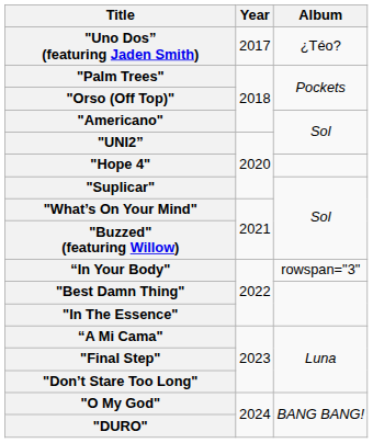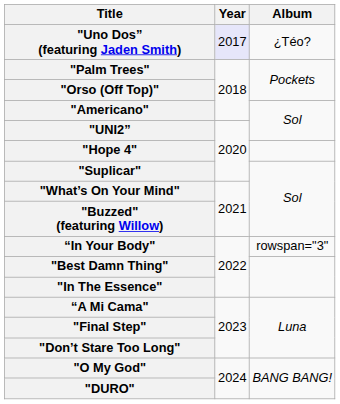 <table class="wikitable plainrowheaders" style="text-align:center">
 <tr>
 <th scope="col" style="width:16em;">Title</th>
 <th scope="col">Year</th>
 <th scope="col">Album</th>
 </tr>
 <tr>
 <th scope="row">"Uno Dos”<br><span>(featuring <a href='#'>Jaden Smith</a>)</span></th>
-<td>2017</td>
+<td style="background: lavender;">2017</td>
 <td>¿Téo?</td>
 </tr>
 <tr>
 <th scope="row">"Palm Trees"</th>
 <td rowspan="3">2018</td>
 <td rowspan="2"><em>Pockets</em></td>
 </tr>
 <tr>
 <th scope="row">"Orso (Off Top)"</th>
 </tr>
 <tr>
 <th scope="row">"Americano"</th>
 <td rowspan="2"><em>Sol</em></td>
 </tr>
 <tr>
 <th scope="row">"UNI2”</th>
 <td rowspan="3">2020</td>
 </tr>
 <tr>
 <th scope="row">"Hope 4"</th>
 <td></td>
 </tr>
 <tr>
 <th scope="row">"Suplicar"</th>
 <td rowspan="3"><em>Sol</em></td>
 </tr>
 <tr>
 <th scope="row">"What’s On Your Mind"</th>
 <td rowspan="2">2021</td>
 </tr>
 <tr>
 <th scope="row">"Buzzed"<br><span>(featuring <a href='#'>Willow</a>)</span></th>
 </tr>
 <tr>
 <th scope="row">“In Your Body"</th>
 <td rowspan="3">2022</td>
 <td>rowspan="3"</td>
 </tr>
 <tr>
 <th scope="row">"Best Damn Thing"</th>
 </tr>
 <tr>
 <th scope="row">"In The Essence"</th>
 </tr>
 <tr>
 <th scope="row">“A Mi Cama"</th>
 <td rowspan="3">2023</td>
 <td rowspan="3"><em>Luna</em></td>
 </tr>
 <tr>
 <th scope="row">"Final Step"</th>
 </tr>
 <tr>
 <th scope="row">"Don’t Stare Too Long"</th>
 </tr>
 <tr>
 <th scope="row">"O My God"</th>
 <td rowspan="2">2024</td>
 <td rowspan="2"><em>BANG BANG!</em></td>
 </tr>
 <tr>
 <th scope="row">"DURO"</th>
 </tr>
 </table>
